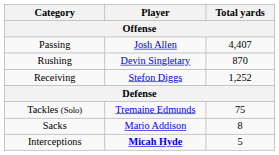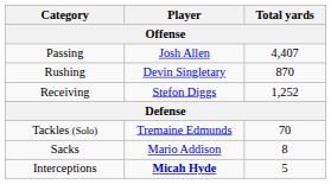 <table class="wikitable" style="text-align:center">
 <tr>
 <th width="150">Category</th>
 <th width="150">Player</th>
 <th width="100">Total yards</th>
 </tr>
 <tr>
 <th align="center" colspan="4">Offense</th>
 </tr>
 <tr>
 <td>Passing</td>
 <td><a href='#'>Josh Allen</a></td>
 <td>4,407</td>
 </tr>
 <tr>
 <td>Rushing</td>
 <td><a href='#'>Devin Singletary</a></td>
 <td>870</td>
 </tr>
 <tr>
 <td>Receiving</td>
 <td><a href='#'>Stefon Diggs</a></td>
 <td>1,252</td>
 </tr>
 <tr>
 <th align="center" colspan="4">Defense</th>
 </tr>
 <tr>
 <td>Tackles <small>(Solo)</small></td>
 <td><a href='#'>Tremaine Edmunds</a></td>
-<td>75</td>
+<td>70</td>
 </tr>
 <tr>
 <td>Sacks</td>
 <td><a href='#'>Mario Addison</a></td>
 <td>8</td>
 </tr>
 <tr>
 <td>Interceptions</td>
 <td><strong><a href='#'>Micah Hyde</a></strong></td>
 <td>5</td>
 </tr>
 </table>
